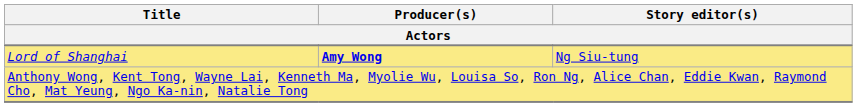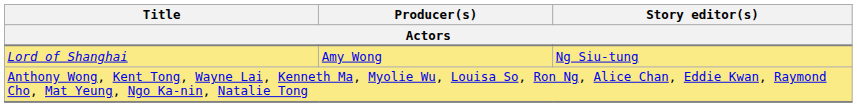 <table class="wikitable" border="1" width="100%">
 <tr style="background:#bebebe">
 <th>Title</th>
 <th>Producer(s)</th>
 <th>Story editor(s)</th>
 </tr>
 <tr style="background:#bebebe">
 <th colspan="3" style="border-bottom:2px solid grey">Actors</th>
 </tr>
 <tr style="background:#FAEB86">
 <td><em><a href='#'>Lord of Shanghai</a></em></td>
-<td><strong><a href='#'>Amy Wong</a></strong></td>
+<td><a href='#'>Amy Wong</a></td>
 <td><a href='#'>Ng Siu-tung</a></td>
 </tr>
 <tr style="background:#FAEB86">
 <td colspan="3" style="border-bottom:2px solid grey"><a href='#'>Anthony Wong</a>, <a href='#'>Kent Tong</a>, <a href='#'>Wayne Lai</a>, <a href='#'>Kenneth Ma</a>, <a href='#'>Myolie Wu</a>, <a href='#'>Louisa So</a>, <a href='#'>Ron Ng</a>, <a href='#'>Alice Chan</a>, <a href='#'>Eddie Kwan</a>, <a href='#'>Raymond Cho</a>, <a href='#'>Mat Yeung</a>, <a href='#'>Ngo Ka-nin</a>, <a href='#'>Natalie Tong</a></td>
 </tr>
 </table>
